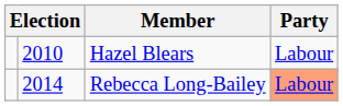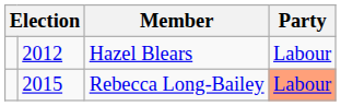 <table class="wikitable">
 <tr>
 <th colspan="2">Election</th>
 <th>Member</th>
 <th>Party</th>
 </tr>
 <tr>
 <td style="color:inherit;background-color: "></td>
-<td><a href='#'>2010</a></td>
+<td><a href='#'>2012</a></td>
 <td><a href='#'>Hazel Blears</a></td>
 <td><a href='#'>Labour</a></td>
 </tr>
 <tr>
 <td style="color:inherit;background-color: "></td>
-<td><a href='#'>2014</a></td>
+<td><a href='#'>2015</a></td>
 <td><a href='#'>Rebecca Long-Bailey</a></td>
 <td style="background: lightsalmon;"><a href='#'>Labour</a></td>
 </tr>
 </table>
